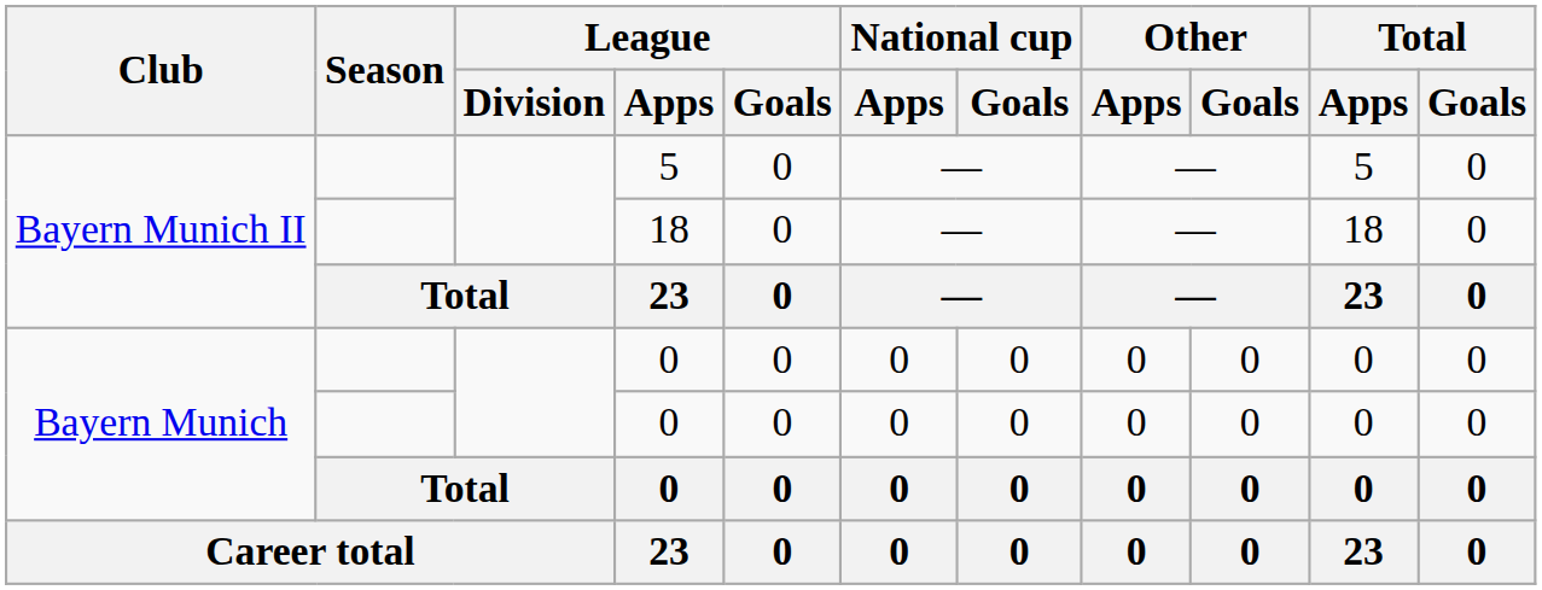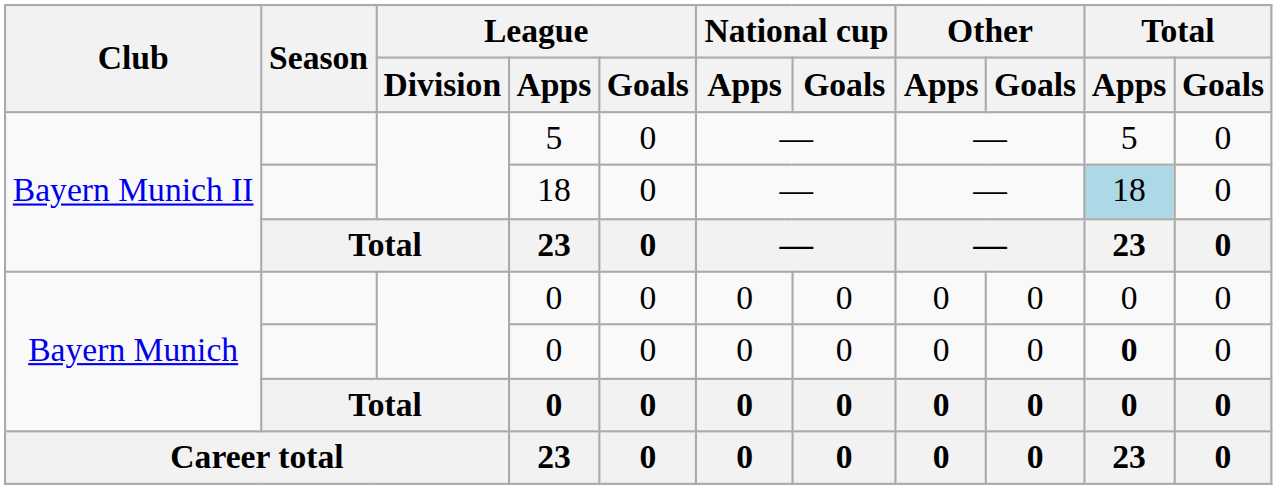 <table class="wikitable" style="text-align:center">
 <tr>
 <th rowspan="2">Club</th>
 <th rowspan="2">Season</th>
 <th colspan="3">League</th>
 <th colspan="2">National cup</th>
 <th colspan="2">Other</th>
 <th colspan="2">Total</th>
 </tr>
 <tr>
 <th>Division</th>
 <th>Apps</th>
 <th>Goals</th>
 <th>Apps</th>
 <th>Goals</th>
 <th>Apps</th>
 <th>Goals</th>
 <th>Apps</th>
 <th>Goals</th>
 </tr>
 <tr>
 <td rowspan="3"><a href='#'>Bayern Munich II</a></td>
 <td></td>
 <td rowspan="2"></td>
 <td>5</td>
 <td>0</td>
 <td colspan="2">—</td>
 <td colspan="2">—</td>
 <td>5</td>
 <td>0</td>
 </tr>
 <tr>
 <td></td>
 <td>18</td>
 <td>0</td>
 <td colspan="2">—</td>
 <td colspan="2">—</td>
-<td>18</td>
+<td style="background: lightblue;">18</td>
 <td>0</td>
 </tr>
 <tr>
 <th colspan="2">Total</th>
 <th>23</th>
 <th>0</th>
 <th colspan="2">—</th>
 <th colspan="2">—</th>
 <th>23</th>
 <th>0</th>
 </tr>
 <tr>
 <td rowspan="3"><a href='#'>Bayern Munich</a></td>
 <td></td>
 <td rowspan="2"></td>
 <td>0</td>
 <td>0</td>
 <td>0</td>
 <td>0</td>
 <td>0</td>
 <td>0</td>
 <td>0</td>
 <td>0</td>
 </tr>
 <tr>
 <td></td>
 <td>0</td>
 <td>0</td>
 <td>0</td>
 <td>0</td>
 <td>0</td>
 <td>0</td>
-<td>0</td>
+<td><strong>0</strong></td>
 <td>0</td>
 </tr>
 <tr>
 <th colspan="2">Total</th>
 <th>0</th>
 <th>0</th>
 <th>0</th>
 <th>0</th>
 <th>0</th>
 <th>0</th>
 <th>0</th>
 <th>0</th>
 </tr>
 <tr>
 <th colspan="3">Career total</th>
 <th>23</th>
 <th>0</th>
 <th>0</th>
 <th>0</th>
 <th>0</th>
 <th>0</th>
 <th>23</th>
 <th>0</th>
 </tr>
 </table>
